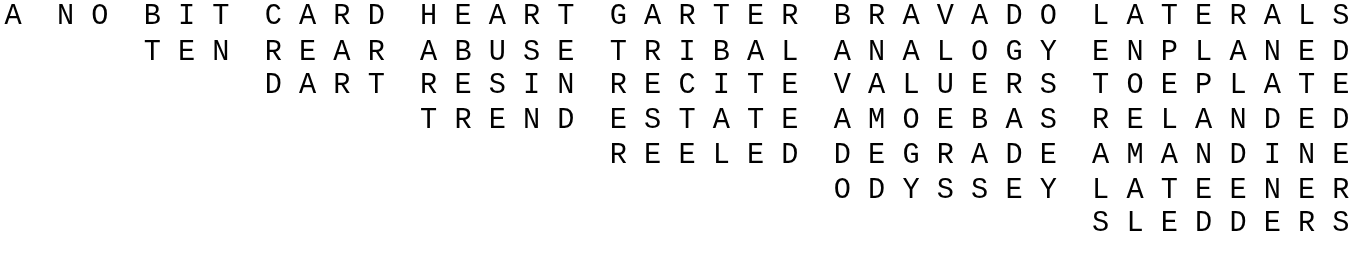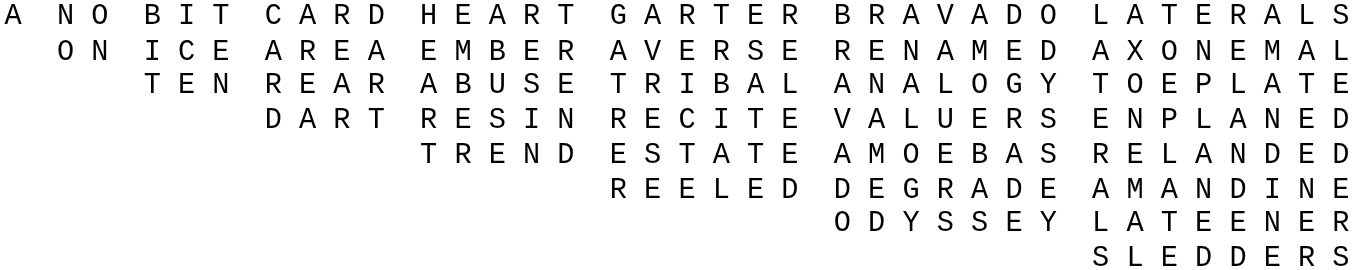 <table style="font-family: monospace; margin: 0 0 0 0; line-height:90%; white-space: nowrap;">
 <tr>
 <td style="padding-left: 2em;">A</td>
 <td style="padding-left: 1em;">N O</td>
 <td style="padding-left: 1em;">B I T</td>
 <td style="padding-left: 1em;">C A R D</td>
 <td style="padding-left: 1em;">H E A R T</td>
 <td style="padding-left: 1em;">G A R T E R</td>
 <td style="padding-left: 1em;">B R A V A D O</td>
 <td style="padding-left: 1em;">L A T E R A L S</td>
 </tr>
 <tr>
 <td style="padding-left: 2em;"></td>
+<td style="padding-left: 1em;">O N</td>
+<td style="padding-left: 1em;">I C E</td>
+<td style="padding-left: 1em;">A R E A</td>
+<td style="padding-left: 1em;">E M B E R</td>
+<td style="padding-left: 1em;">A V E R S E</td>
+<td style="padding-left: 1em;">R E N A M E D</td>
+<td style="padding-left: 1em;">A X O N E M A L</td>
+</tr>
+<tr>
+<td style="padding-left: 2em;"></td>
 <td style="padding-left: 1em;"></td>
 <td style="padding-left: 1em;">T E N</td>
 <td style="padding-left: 1em;">R E A R</td>
 <td style="padding-left: 1em;">A B U S E</td>
 <td style="padding-left: 1em;">T R I B A L</td>
 <td style="padding-left: 1em;">A N A L O G Y</td>
-<td style="padding-left: 1em;">E N P L A N E D</td>
+<td style="padding-left: 1em;">T O E P L A T E</td>
 </tr>
 <tr>
 <td style="padding-left: 2em;"></td>
 <td style="padding-left: 1em;"></td>
 <td style="padding-left: 1em;"></td>
 <td style="padding-left: 1em;">D A R T</td>
 <td style="padding-left: 1em;">R E S I N</td>
 <td style="padding-left: 1em;">R E C I T E</td>
 <td style="padding-left: 1em;">V A L U E R S</td>
-<td style="padding-left: 1em;">T O E P L A T E</td>
+<td style="padding-left: 1em;">E N P L A N E D</td>
 </tr>
 <tr>
 <td style="padding-left: 2em;"></td>
 <td style="padding-left: 1em;"></td>
 <td style="padding-left: 1em;"></td>
 <td style="padding-left: 1em;"></td>
 <td style="padding-left: 1em;">T R E N D</td>
 <td style="padding-left: 1em;">E S T A T E</td>
 <td style="padding-left: 1em;">A M O E B A S</td>
 <td style="padding-left: 1em;">R E L A N D E D</td>
 </tr>
 <tr>
 <td style="padding-left: 2em;"></td>
 <td style="padding-left: 1em;"></td>
 <td style="padding-left: 1em;"></td>
 <td style="padding-left: 1em;"></td>
 <td style="padding-left: 1em;"></td>
 <td style="padding-left: 1em;">R E E L E D</td>
 <td style="padding-left: 1em;">D E G R A D E</td>
 <td style="padding-left: 1em;">A M A N D I N E</td>
 </tr>
 <tr>
 <td style="padding-left: 2em;"></td>
 <td style="padding-left: 1em;"></td>
 <td style="padding-left: 1em;"></td>
 <td style="padding-left: 1em;"></td>
 <td style="padding-left: 1em;"></td>
 <td style="padding-left: 1em;"></td>
 <td style="padding-left: 1em;">O D Y S S E Y</td>
 <td style="padding-left: 1em;">L A T E E N E R</td>
 </tr>
 <tr>
 <td style="padding-left: 2em;"></td>
 <td style="padding-left: 1em;"></td>
 <td style="padding-left: 1em;"></td>
 <td style="padding-left: 1em;"></td>
 <td style="padding-left: 1em;"></td>
 <td style="padding-left: 1em;"></td>
 <td style="padding-left: 1em;"></td>
 <td style="padding-left: 1em;">S L E D D E R S</td>
 </tr>
 <tr>
 </tr>
 </table>
